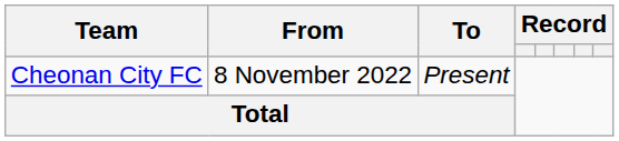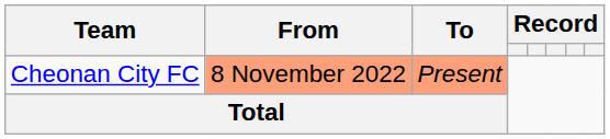 <table class="wikitable" style="text-align:centre">
 <tr>
 <th rowspan=2>Team</th>
 <th rowspan=2>From</th>
 <th rowspan=2>To</th>
 <th colspan=7>Record</th>
 </tr>
 <tr>
 <th></th>
 <th></th>
 <th></th>
 <th></th>
 <th></th>
 </tr>
 <tr>
 <td align=left><a href='#'>Cheonan City FC</a></td>
-<td align=left>8 November 2022</td>
-<td align=left><em>Present</em><br></td>
+<td align=left style="background: lightsalmon;">8 November 2022</td>
+<td align=left style="background: lightsalmon;"><em>Present</em><br></td>
 </tr>
 <tr>
 <th colspan=3>Total<br></th>
 </tr>
 </table>
